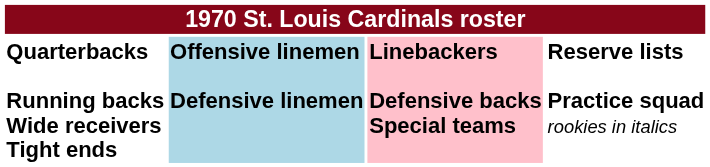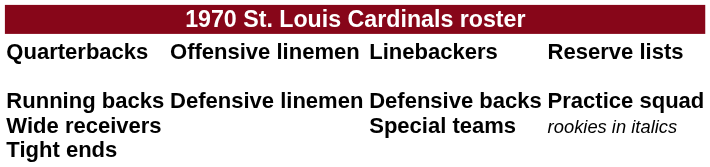 <table class="toccolours" style="text-align: left;">
 <tr>
 <th colspan="9" style="background-color: #870619; color: white; text-align: center;"><strong>1970 St. Louis Cardinals roster</strong></th>
 </tr>
 <tr>
 <td style="font-size: 95%;" valign="top"><strong>Quarterbacks</strong><br> <br><strong>Running backs</strong>      <br><strong>Wide receivers</strong>    <br><strong>Tight ends</strong>   </td>
-<td style="background: lightblue; font-size: 95%;" valign="top"><strong>Offensive linemen</strong><br>       <br><strong>Defensive linemen</strong>       </td>
-<td style="background: pink; font-size: 95%;" valign="top"><strong>Linebackers</strong><br>     <br><strong>Defensive backs</strong>       <br><strong>Special teams</strong>  </td>
+<td style="font-size: 95%;" valign="top"><strong>Offensive linemen</strong><br>       <br><strong>Defensive linemen</strong>       </td>
+<td style="font-size: 95%;" valign="top"><strong>Linebackers</strong><br>     <br><strong>Defensive backs</strong>       <br><strong>Special teams</strong>  </td>
 <td style="font-size: 95%;" valign="top"><strong>Reserve lists</strong><br><br><strong>Practice squad</strong><br><small><em>rookies in italics</em></small><br></td>
 </tr>
 <tr>
 </tr>
 </table>
